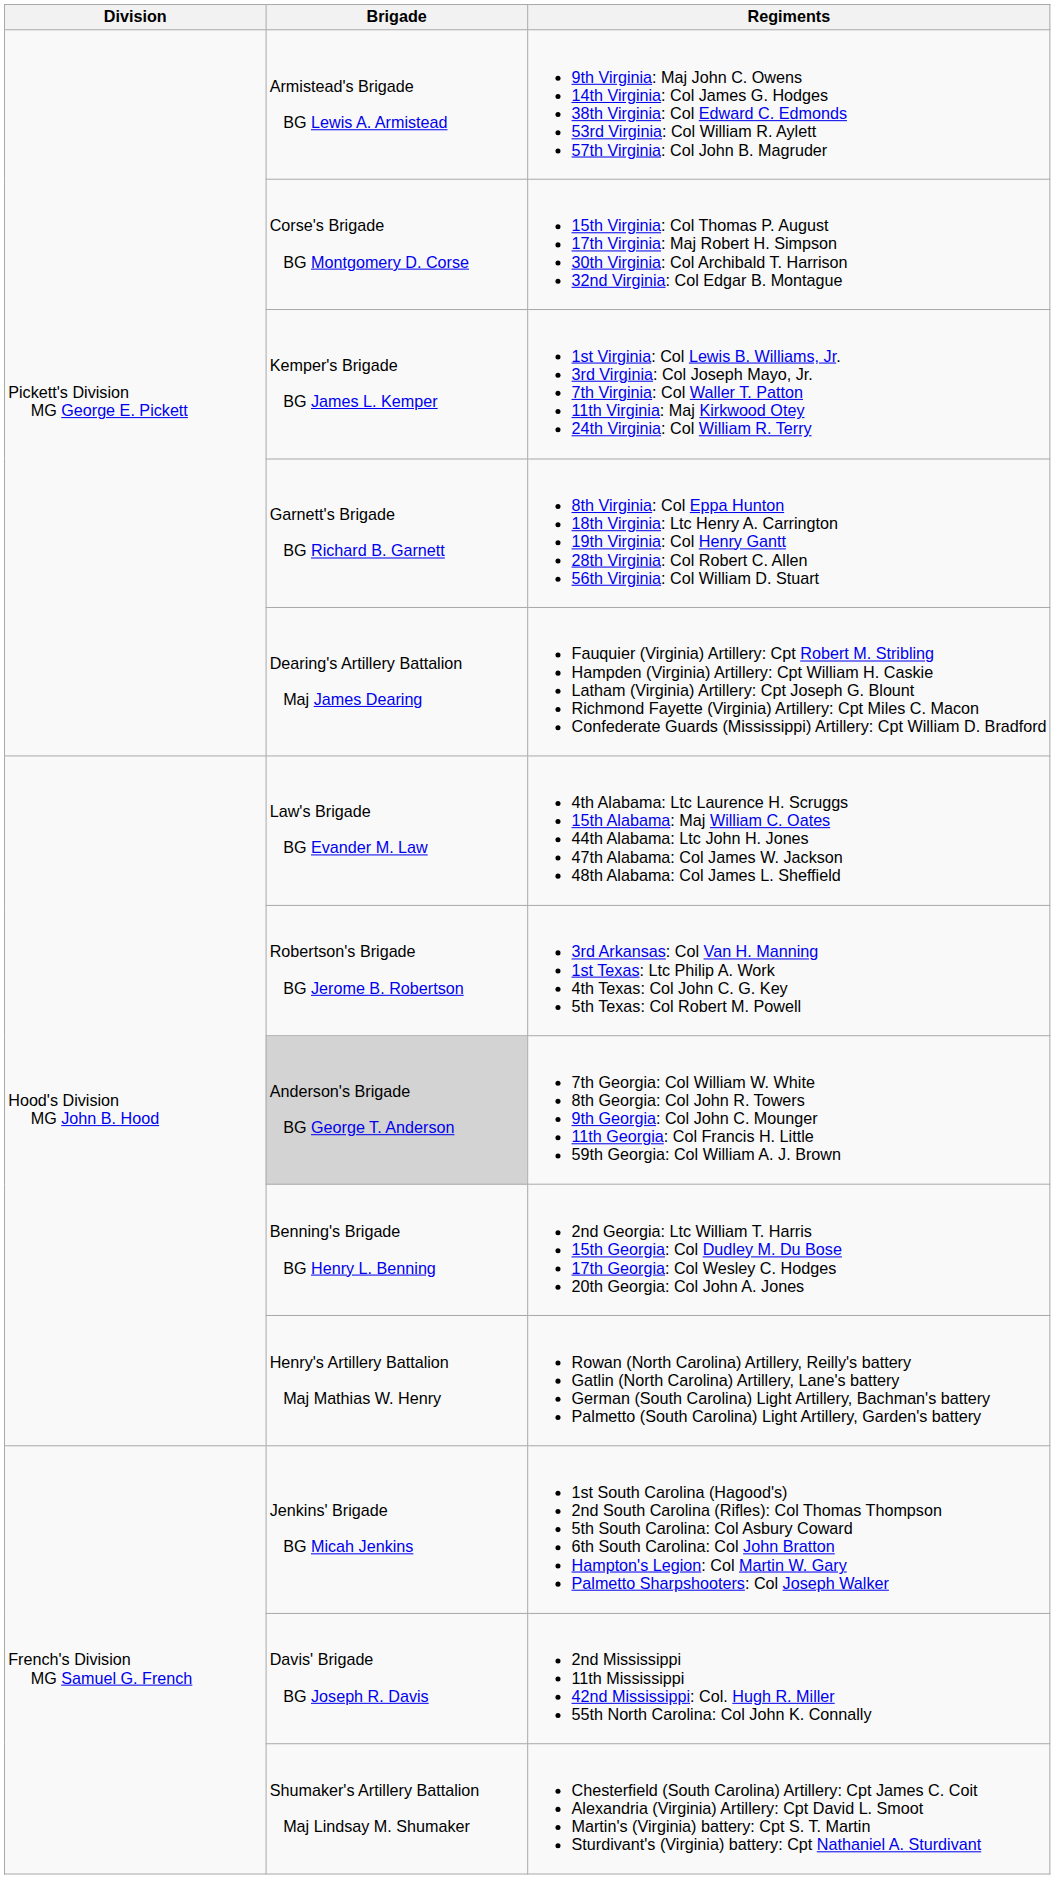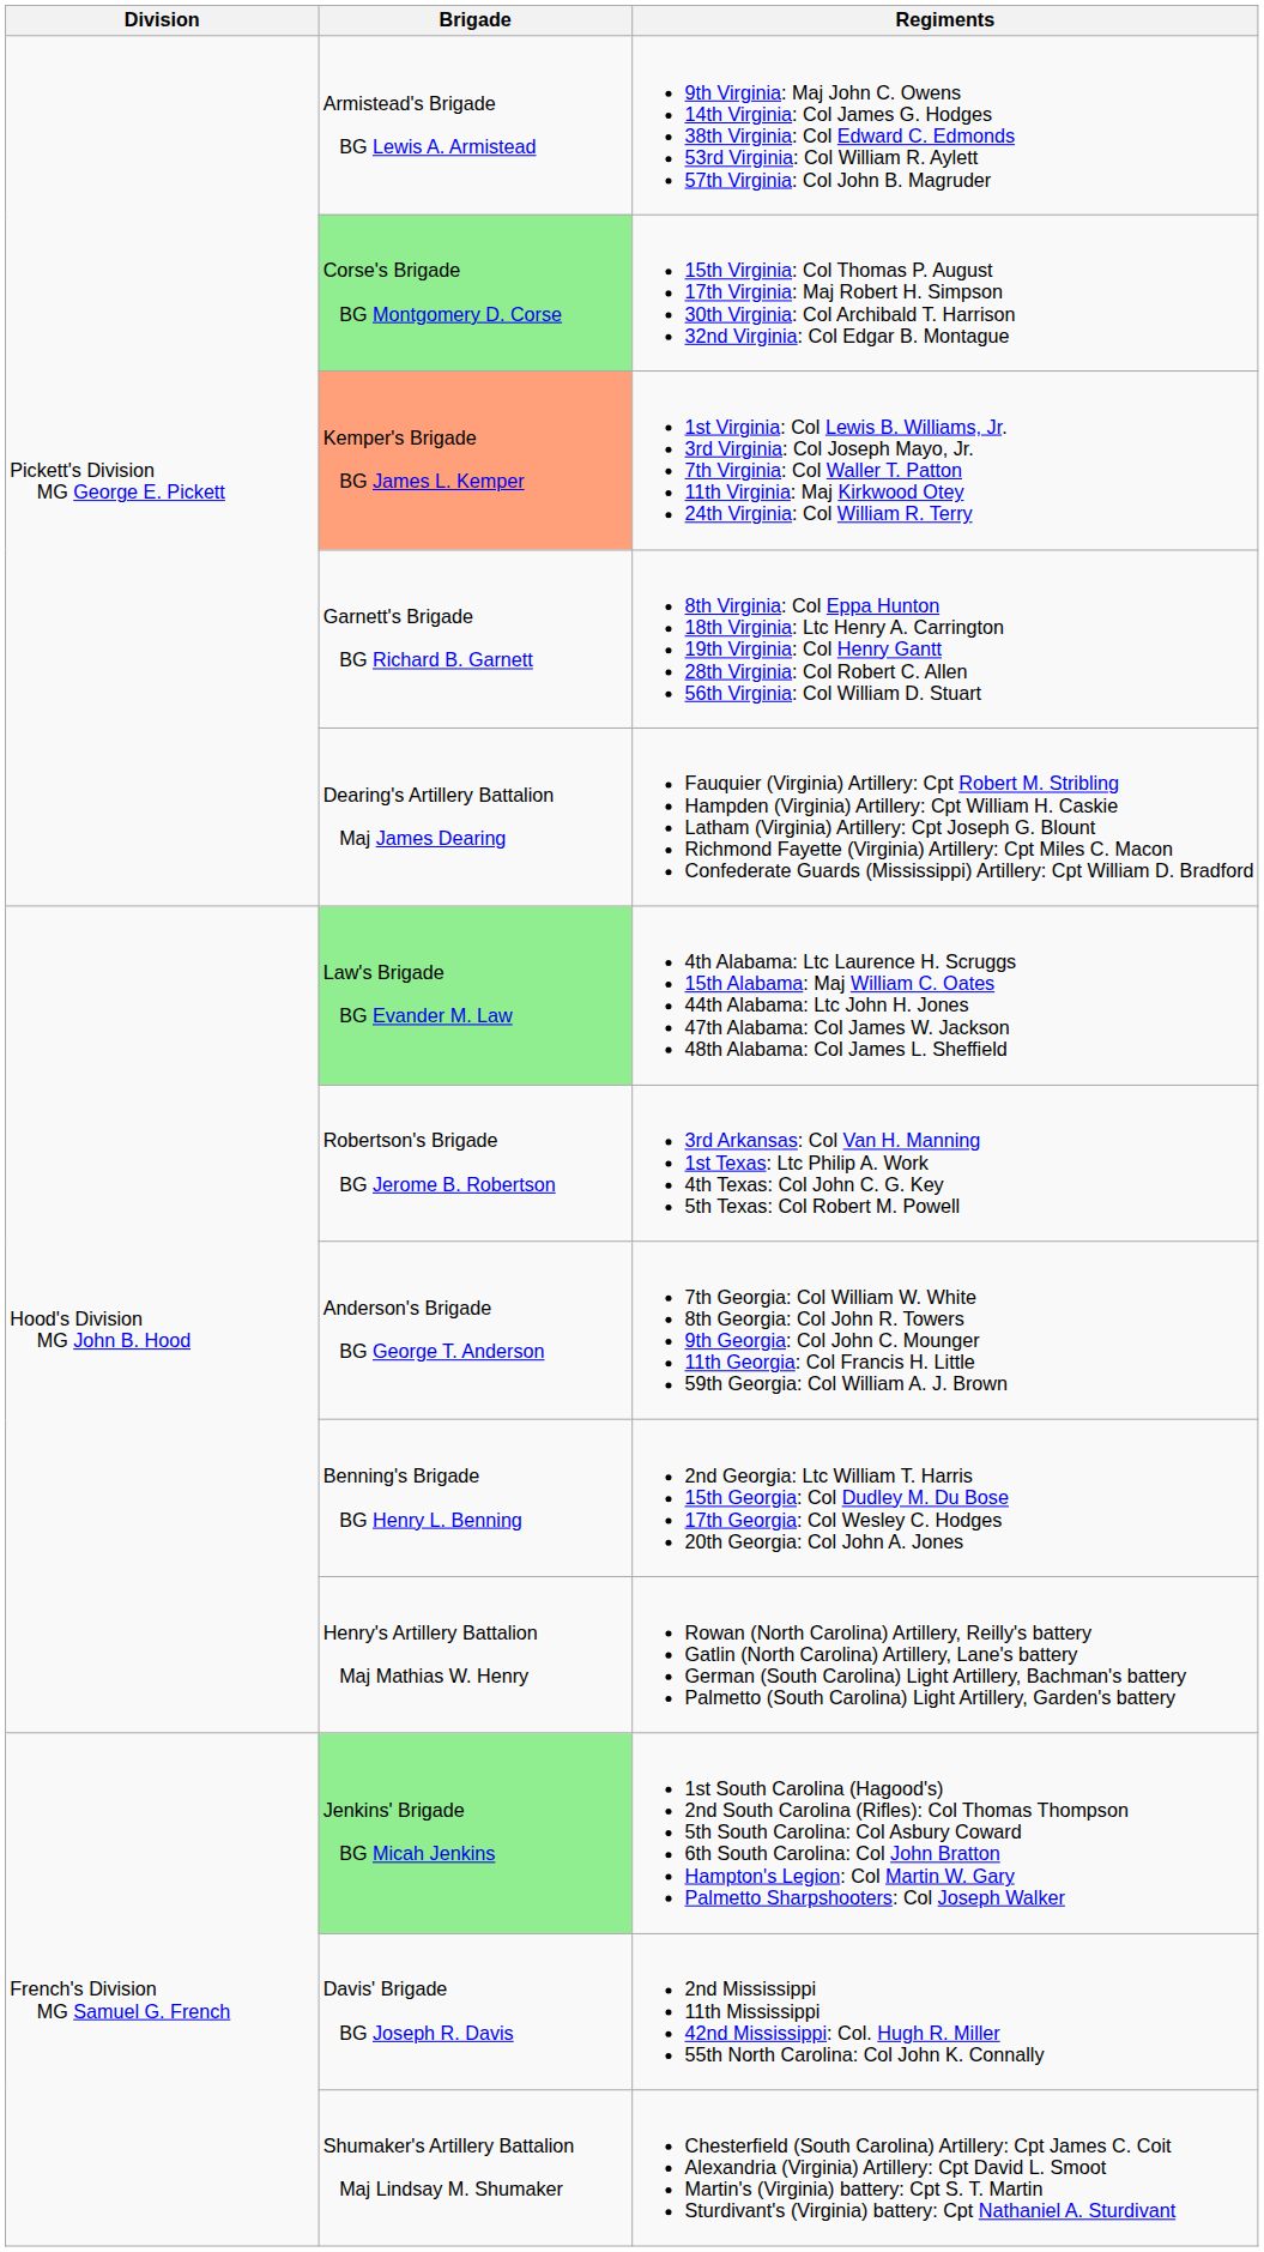 <table class="wikitable">
 <tr>
 <th width=25%>Division</th>
 <th width=25%>Brigade</th>
 <th>Regiments</th>
 </tr>
 <tr>
 <td rowspan=5><br>Pickett's Division <br>     MG <a href='#'>George E. Pickett</a></td>
 <td>Armistead's Brigade<br><br>   BG <a href='#'>Lewis A. Armistead</a></td>
 <td><br><ul><li><a href='#'>9th Virginia</a>: Maj John C. Owens</li><li><a href='#'>14th Virginia</a>: Col James G. Hodges</li><li><a href='#'>38th Virginia</a>: Col <a href='#'>Edward C. Edmonds</a></li><li><a href='#'>53rd Virginia</a>: Col William R. Aylett</li><li><a href='#'>57th Virginia</a>: Col John B. Magruder</li></ul></td>
 </tr>
 <tr>
-<td>Corse's Brigade<br><br>   BG <a href='#'>Montgomery D. Corse</a></td>
+<td style="background: lightgreen;">Corse's Brigade<br><br>   BG <a href='#'>Montgomery D. Corse</a></td>
 <td><br><ul><li><a href='#'>15th Virginia</a>: Col Thomas P. August</li><li><a href='#'>17th Virginia</a>: Maj Robert H. Simpson</li><li><a href='#'>30th Virginia</a>: Col Archibald T. Harrison</li><li><a href='#'>32nd Virginia</a>: Col Edgar B. Montague</li></ul></td>
 </tr>
 <tr>
-<td>Kemper's Brigade<br><br>   BG <a href='#'>James L. Kemper</a></td>
+<td style="background: lightsalmon;">Kemper's Brigade<br><br>   BG <a href='#'>James L. Kemper</a></td>
 <td><br><ul><li><a href='#'>1st Virginia</a>: Col <a href='#'>Lewis B. Williams, Jr</a>.</li><li><a href='#'>3rd Virginia</a>: Col Joseph Mayo, Jr.</li><li><a href='#'>7th Virginia</a>: Col <a href='#'>Waller T. Patton</a></li><li><a href='#'>11th Virginia</a>: Maj <a href='#'>Kirkwood Otey</a></li><li><a href='#'>24th Virginia</a>: Col <a href='#'>William R. Terry</a></li></ul></td>
 </tr>
 <tr>
 <td>Garnett's Brigade<br><br>   BG <a href='#'>Richard B. Garnett</a></td>
 <td><br><ul><li><a href='#'>8th Virginia</a>: Col <a href='#'>Eppa Hunton</a></li><li><a href='#'>18th Virginia</a>: Ltc Henry A. Carrington</li><li><a href='#'>19th Virginia</a>: Col <a href='#'>Henry Gantt</a></li><li><a href='#'>28th Virginia</a>: Col Robert C. Allen</li><li><a href='#'>56th Virginia</a>: Col William D. Stuart</li></ul></td>
 </tr>
 <tr>
 <td>Dearing's Artillery Battalion<br><br>   Maj <a href='#'>James Dearing</a></td>
 <td><br><ul><li>Fauquier (Virginia) Artillery: Cpt <a href='#'>Robert M. Stribling</a></li><li>Hampden (Virginia) Artillery: Cpt William H. Caskie</li><li>Latham (Virginia) Artillery: Cpt Joseph G. Blount</li><li>Richmond Fayette (Virginia) Artillery: Cpt Miles C. Macon</li><li>Confederate Guards (Mississippi) Artillery: Cpt William D. Bradford</li></ul></td>
 </tr>
 <tr>
 <td rowspan=5><br>Hood's Division <br>     MG <a href='#'>John B. Hood</a></td>
-<td>Law's Brigade<br><br>   BG <a href='#'>Evander M. Law</a></td>
+<td style="background: lightgreen;">Law's Brigade<br><br>   BG <a href='#'>Evander M. Law</a></td>
 <td><br><ul><li>4th Alabama: Ltc Laurence H. Scruggs</li><li><a href='#'>15th Alabama</a>: Maj <a href='#'>William C. Oates</a></li><li>44th Alabama: Ltc John H. Jones</li><li>47th Alabama: Col James W. Jackson</li><li>48th Alabama: Col James L. Sheffield</li></ul></td>
 </tr>
 <tr>
 <td>Robertson's Brigade<br><br>   BG <a href='#'>Jerome B. Robertson</a></td>
 <td><br><ul><li><a href='#'>3rd Arkansas</a>: Col <a href='#'>Van H. Manning</a></li><li><a href='#'>1st Texas</a>: Ltc Philip A. Work</li><li>4th Texas: Col John C. G. Key</li><li>5th Texas: Col Robert M. Powell</li></ul></td>
 </tr>
 <tr>
-<td style="background: lightgrey;">Anderson's Brigade<br><br>   BG <a href='#'>George T. Anderson</a></td>
+<td>Anderson's Brigade<br><br>   BG <a href='#'>George T. Anderson</a></td>
 <td><br><ul><li>7th Georgia: Col William W. White</li><li>8th Georgia: Col John R. Towers</li><li><a href='#'>9th Georgia</a>: Col John C. Mounger</li><li><a href='#'>11th Georgia</a>: Col Francis H. Little</li><li>59th Georgia: Col William A. J. Brown</li></ul></td>
 </tr>
 <tr>
 <td>Benning's Brigade<br><br>   BG <a href='#'>Henry L. Benning</a></td>
 <td><br><ul><li>2nd Georgia: Ltc William T. Harris</li><li><a href='#'>15th Georgia</a>: Col <a href='#'>Dudley M. Du Bose</a></li><li><a href='#'>17th Georgia</a>: Col Wesley C. Hodges</li><li>20th Georgia: Col John A. Jones</li></ul></td>
 </tr>
 <tr>
 <td>Henry's Artillery Battalion<br><br>   Maj Mathias W. Henry</td>
 <td><br><ul><li>Rowan (North Carolina) Artillery, Reilly's battery</li><li>Gatlin (North Carolina) Artillery, Lane's battery</li><li>German (South Carolina) Light Artillery, Bachman's battery</li><li>Palmetto (South Carolina) Light Artillery, Garden's battery</li></ul></td>
 </tr>
 <tr>
 <td rowspan=3><br>French's Division <br>     MG <a href='#'>Samuel G. French</a></td>
-<td>Jenkins' Brigade<br><br>   BG <a href='#'>Micah Jenkins</a></td>
+<td style="background: lightgreen;">Jenkins' Brigade<br><br>   BG <a href='#'>Micah Jenkins</a></td>
 <td><br><ul><li>1st South Carolina (Hagood's)</li><li>2nd South Carolina (Rifles): Col Thomas Thompson</li><li>5th South Carolina: Col Asbury Coward</li><li>6th South Carolina: Col <a href='#'>John Bratton</a></li><li><a href='#'>Hampton's Legion</a>: Col <a href='#'>Martin W. Gary</a></li><li><a href='#'>Palmetto Sharpshooters</a>: Col <a href='#'>Joseph Walker</a></li></ul></td>
 </tr>
 <tr>
 <td>Davis' Brigade<br><br>   BG <a href='#'>Joseph R. Davis</a></td>
 <td><br><ul><li>2nd Mississippi</li><li>11th Mississippi</li><li><a href='#'>42nd Mississippi</a>: Col. <a href='#'>Hugh R. Miller</a></li><li>55th North Carolina: Col John K. Connally</li></ul></td>
 </tr>
 <tr>
 <td>Shumaker's Artillery Battalion<br><br>   Maj Lindsay M. Shumaker</td>
 <td><br><ul><li>Chesterfield (South Carolina) Artillery: Cpt James C. Coit</li><li>Alexandria (Virginia) Artillery: Cpt David L. Smoot</li><li>Martin's (Virginia) battery: Cpt S. T. Martin</li><li>Sturdivant's (Virginia) battery: Cpt <a href='#'>Nathaniel A. Sturdivant</a></li></ul></td>
 </tr>
 </table>
